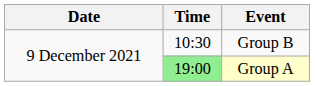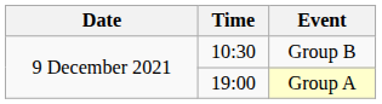 <table class = "wikitable" style="text-align:center;">
 <tr>
 <th width=150>Date</th>
 <th width=50>Time</th>
 <th width=80>Event</th>
 </tr>
 <tr>
 <td rowspan=2>9 December 2021</td>
 <td>10:30</td>
 <td>Group B</td>
 </tr>
 <tr>
-<td style="background: lightgreen;">19:00</td>
+<td>19:00</td>
 <td bgcolor=ffffcc>Group A</td>
 </tr>
 </table>
